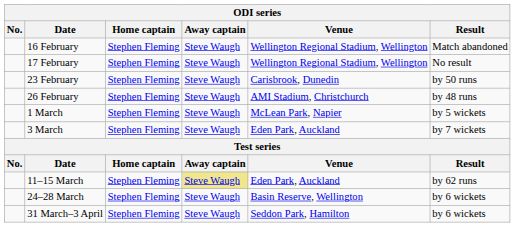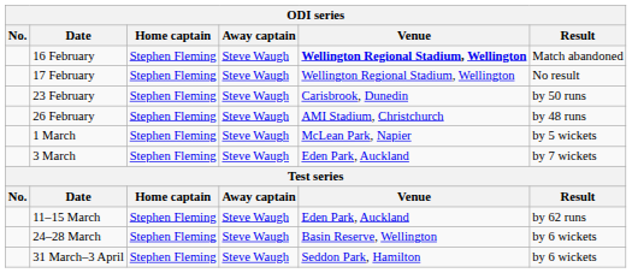 <table class="wikitable">
 <tr>
 <th colspan="9">ODI series</th>
 </tr>
 <tr>
 <th>No.</th>
 <th>Date</th>
 <th>Home captain</th>
 <th>Away captain</th>
 <th>Venue</th>
 <th>Result</th>
 </tr>
 <tr>
 <td></td>
 <td>16 February</td>
 <td><a href='#'>Stephen Fleming</a></td>
 <td><a href='#'>Steve Waugh</a></td>
-<td><a href='#'>Wellington Regional Stadium</a>, <a href='#'>Wellington</a></td>
+<td><strong><a href='#'>Wellington Regional Stadium</a>, <a href='#'>Wellington</a></strong></td>
 <td>Match abandoned</td>
 </tr>
 <tr>
 <td></td>
 <td>17 February</td>
 <td><a href='#'>Stephen Fleming</a></td>
 <td><a href='#'>Steve Waugh</a></td>
 <td><a href='#'>Wellington Regional Stadium</a>, <a href='#'>Wellington</a></td>
 <td>No result</td>
 </tr>
 <tr>
 <td></td>
 <td>23 February</td>
 <td><a href='#'>Stephen Fleming</a></td>
 <td><a href='#'>Steve Waugh</a></td>
 <td><a href='#'>Carisbrook</a>, <a href='#'>Dunedin</a></td>
 <td> by 50 runs</td>
 </tr>
 <tr>
 <td></td>
 <td>26 February</td>
 <td><a href='#'>Stephen Fleming</a></td>
 <td><a href='#'>Steve Waugh</a></td>
 <td><a href='#'>AMI Stadium</a>, <a href='#'>Christchurch</a></td>
 <td> by 48 runs</td>
 </tr>
 <tr>
 <td></td>
 <td>1 March</td>
 <td><a href='#'>Stephen Fleming</a></td>
 <td><a href='#'>Steve Waugh</a></td>
 <td><a href='#'>McLean Park</a>, <a href='#'>Napier</a></td>
 <td> by 5 wickets</td>
 </tr>
 <tr>
 <td></td>
 <td>3 March</td>
 <td><a href='#'>Stephen Fleming</a></td>
 <td><a href='#'>Steve Waugh</a></td>
 <td><a href='#'>Eden Park</a>, <a href='#'>Auckland</a></td>
 <td> by 7 wickets</td>
 </tr>
 <tr>
 <th colspan="9">Test series</th>
 </tr>
 <tr>
 <th>No.</th>
 <th>Date</th>
 <th>Home captain</th>
 <th>Away captain</th>
 <th>Venue</th>
 <th>Result</th>
 </tr>
 <tr>
 <td></td>
 <td>11–15 March</td>
 <td><a href='#'>Stephen Fleming</a></td>
-<td style="background: khaki;"><a href='#'>Steve Waugh</a></td>
+<td><a href='#'>Steve Waugh</a></td>
 <td><a href='#'>Eden Park</a>, <a href='#'>Auckland</a></td>
 <td> by 62 runs</td>
 </tr>
 <tr>
 <td></td>
 <td>24–28 March</td>
 <td><a href='#'>Stephen Fleming</a></td>
 <td><a href='#'>Steve Waugh</a></td>
 <td><a href='#'>Basin Reserve</a>, <a href='#'>Wellington</a></td>
 <td> by 6 wickets</td>
 </tr>
 <tr>
 <td></td>
 <td>31 March–3 April</td>
 <td><a href='#'>Stephen Fleming</a></td>
 <td><a href='#'>Steve Waugh</a></td>
 <td><a href='#'>Seddon Park</a>, <a href='#'>Hamilton</a></td>
 <td> by 6 wickets</td>
 </tr>
 </table>
